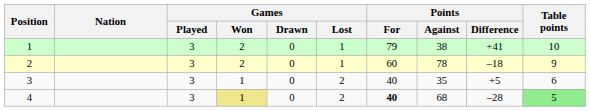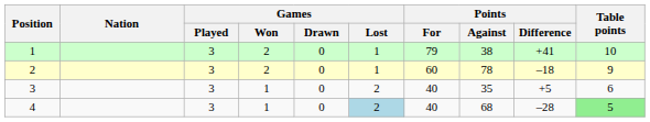 <table class="wikitable" style="text-align: center;">
 <tr>
 <th rowspan=2 width="8%">Position</th>
 <th rowspan=2 width="18%">Nation</th>
 <th colspan=4 width="32%">Games</th>
 <th colspan=3 width="24%">Points</th>
 <th rowspan=2 width="10%">Table<br>points</th>
 </tr>
 <tr>
 <th width="8%">Played</th>
 <th width="8%">Won</th>
 <th width="8%">Drawn</th>
 <th width="8%">Lost</th>
 <th width="8%">For</th>
 <th width="8%">Against</th>
 <th width="8%">Difference</th>
 </tr>
 <tr style=background:#ccffcc>
 <td>1</td>
 <td align=left></td>
 <td>3</td>
 <td>2</td>
 <td>0</td>
 <td>1</td>
 <td>79</td>
 <td>38</td>
 <td>+41</td>
 <td>10</td>
 </tr>
 <tr style=background:#ffffcc>
 <td>2</td>
 <td align=left></td>
 <td>3</td>
 <td>2</td>
 <td>0</td>
 <td>1</td>
 <td>60</td>
 <td>78</td>
 <td>–18</td>
 <td>9</td>
 </tr>
 <tr>
 <td>3</td>
 <td align=left></td>
 <td>3</td>
 <td>1</td>
 <td>0</td>
 <td>2</td>
 <td>40</td>
 <td>35</td>
 <td>+5</td>
 <td>6</td>
 </tr>
 <tr>
 <td>4</td>
 <td align=left></td>
 <td>3</td>
-<td style="background: khaki;">1</td>
+<td>1</td>
 <td>0</td>
-<td>2</td>
-<td><strong>40</strong></td>
+<td style="background: lightblue;">2</td>
+<td>40</td>
 <td>68</td>
 <td>–28</td>
 <td style="background: lightgreen;">5</td>
 </tr>
 </table>
